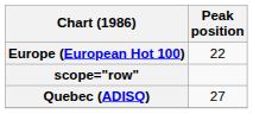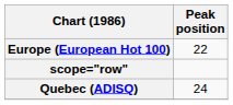 <table class="wikitable sortable plainrowheaders">
 <tr>
 <th>Chart (1986)</th>
 <th>Peak<br>position</th>
 </tr>
 <tr>
 <th scope="row">Europe (<a href='#'>European Hot 100</a>)</th>
 <td align="center">22</td>
 </tr>
 <tr>
 <th>scope="row"</th>
 </tr>
 <tr>
 <th scope="row">Quebec (<a href='#'>ADISQ</a>)</th>
-<td align="center">27</td>
+<td align="center">24</td>
 </tr>
 <tr>
 </tr>
 </table>
